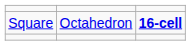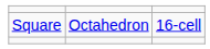 <table class="wikitable" align="right" style="border-width:30%;">
 <tr>
 <td align=center></td>
 <td align=center></td>
 <td align=center></td>
 </tr>
 <tr>
 <td><a href='#'>Square</a></td>
 <td><a href='#'>Octahedron</a></td>
-<td><strong><a href='#'>16-cell</a></strong></td>
+<td><a href='#'>16-cell</a></td>
 </tr>
 <tr>
 <td></td>
 <td></td>
 <td></td>
 </tr>
 </table>
